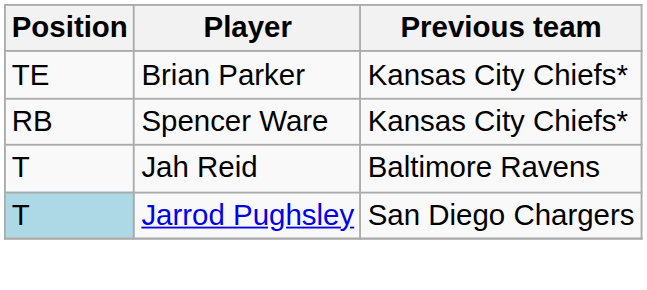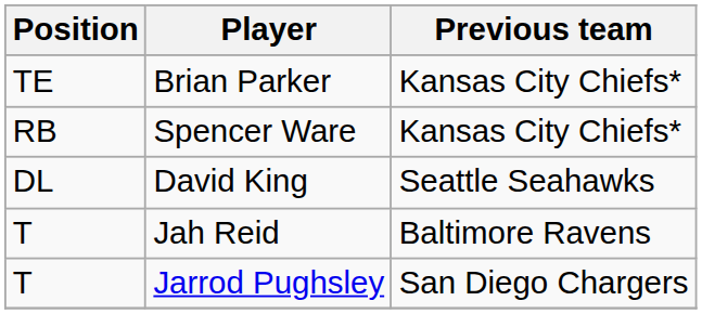 <table class="wikitable sortable">
 <tr>
 <th>Position</th>
 <th>Player</th>
 <th>Previous team</th>
 </tr>
 <tr>
 <td>TE</td>
 <td>Brian Parker</td>
 <td>Kansas City Chiefs*</td>
 </tr>
 <tr>
 <td>RB</td>
 <td>Spencer Ware</td>
 <td>Kansas City Chiefs*</td>
 </tr>
 <tr>
+<td>DL</td>
+<td>David King</td>
+<td>Seattle Seahawks</td>
+</tr>
+<tr>
 <td>T</td>
 <td>Jah Reid</td>
 <td>Baltimore Ravens</td>
 </tr>
 <tr>
-<td style="background: lightblue;">T</td>
+<td>T</td>
 <td><a href='#'>Jarrod Pughsley</a></td>
 <td>San Diego Chargers</td>
 </tr>
 <tr>
 </tr>
 </table>
